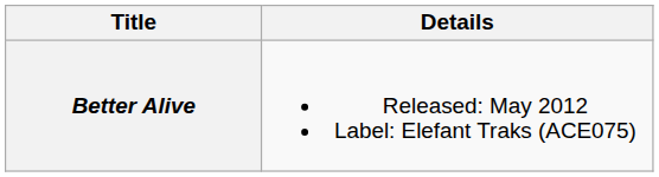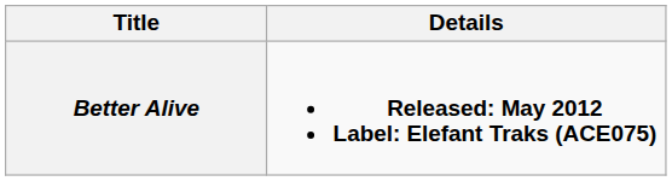 <table class="wikitable plainrowheaders" style="text-align:center;" border="1">
 <tr>
 <th scope="col" style="width:11em;">Title</th>
 <th scope="col" style="width:17em;">Details</th>
 </tr>
 <tr>
 <th scope="row"><em>Better Alive</em></th>
-<td><br><ul><li>Released: May 2012</li><li>Label: Elefant Traks (ACE075)</li></ul></td>
+<td><strong><br><ul><li>Released: May 2012</li><li>Label: Elefant Traks (ACE075)</li></ul></strong></td>
 </tr>
 </table>
